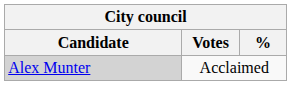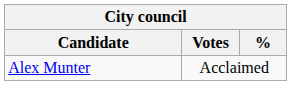 <table class="wikitable">
 <tr>
 <th colspan="3">City council</th>
 </tr>
 <tr>
 <th style="width: 170px">Candidate</th>
 <th style="width: 50px">Votes</th>
 <th style="width: 40px">%</th>
 </tr>
 <tr>
-<td style="background: lightgrey;"><a href='#'>Alex Munter</a></td>
+<td><a href='#'>Alex Munter</a></td>
 <td colspan="2" align="center">Acclaimed</td>
 </tr>
 </table>
